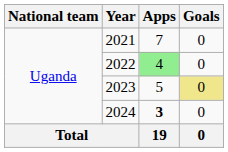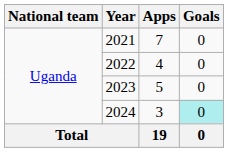 <table class="wikitable" style="text-align:center">
 <tr>
 <th>National team</th>
 <th>Year</th>
 <th>Apps</th>
 <th>Goals</th>
 </tr>
 <tr>
 <td rowspan=4><a href='#'>Uganda</a></td>
 <td>2021</td>
 <td>7</td>
 <td>0</td>
 </tr>
 <tr>
 <td>2022</td>
-<td style="background: lightgreen;">4</td>
+<td>4</td>
 <td>0</td>
 </tr>
 <tr>
 <td>2023</td>
 <td>5</td>
-<td style="background: khaki;">0</td>
+<td>0</td>
 </tr>
 <tr>
 <td>2024</td>
-<td><strong>3</strong></td>
-<td>0</td>
+<td>3</td>
+<td style="background: paleturquoise;">0</td>
 </tr>
 <tr>
 <th colspan=2>Total</th>
 <th>19</th>
 <th>0</th>
 </tr>
 </table>
